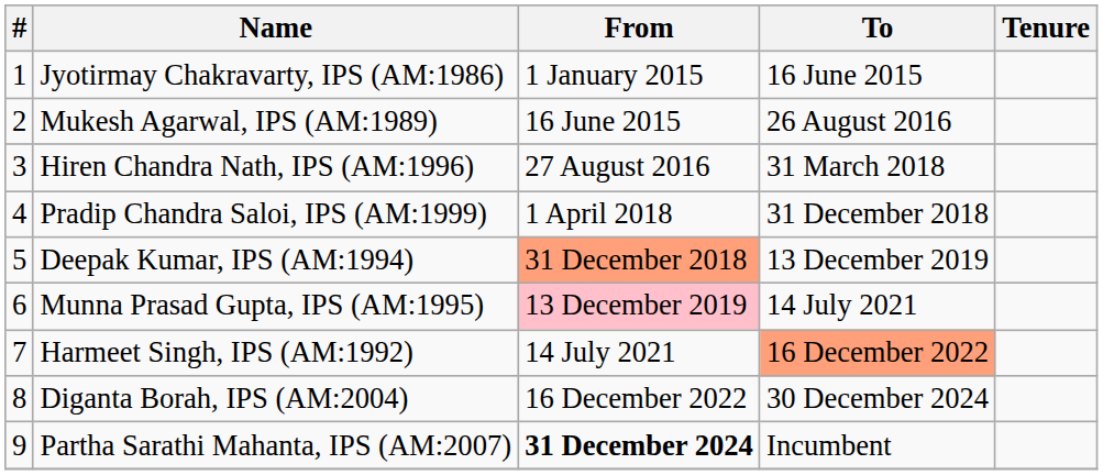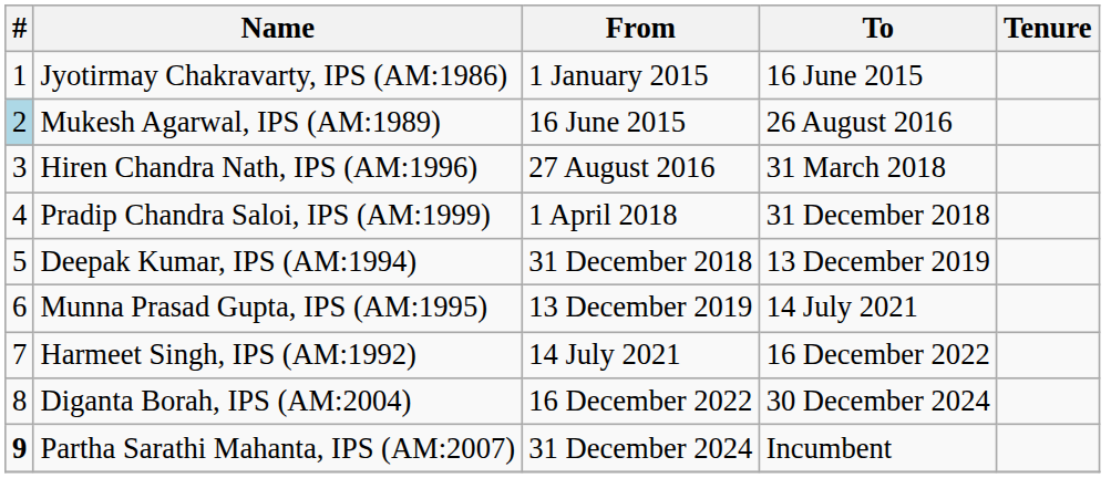 <table class="wikitable">
 <tr>
 <th>#</th>
 <th>Name</th>
 <th>From</th>
 <th>To</th>
 <th>Tenure</th>
 </tr>
 <tr>
 <td>1</td>
 <td>Jyotirmay Chakravarty, IPS (AM:1986)</td>
 <td>1 January 2015</td>
 <td>16 June 2015</td>
 <td></td>
 </tr>
 <tr>
-<td>2</td>
+<td style="background: lightblue;">2</td>
 <td>Mukesh Agarwal, IPS (AM:1989)</td>
 <td>16 June 2015</td>
 <td>26 August 2016</td>
 <td></td>
 </tr>
 <tr>
 <td>3</td>
 <td>Hiren Chandra Nath, IPS (AM:1996)</td>
 <td>27 August 2016</td>
 <td>31 March 2018</td>
 <td></td>
 </tr>
 <tr>
 <td>4</td>
 <td>Pradip Chandra Saloi, IPS (AM:1999)</td>
 <td>1 April 2018</td>
 <td>31 December 2018</td>
 <td></td>
 </tr>
 <tr>
 <td>5</td>
 <td>Deepak Kumar, IPS (AM:1994)</td>
-<td style="background: lightsalmon;">31 December 2018</td>
+<td>31 December 2018</td>
 <td>13 December 2019</td>
 <td></td>
 </tr>
 <tr>
 <td>6</td>
 <td>Munna Prasad Gupta, IPS (AM:1995)</td>
-<td style="background: pink;">13 December 2019</td>
+<td>13 December 2019</td>
 <td>14 July 2021</td>
 <td></td>
 </tr>
 <tr>
 <td>7</td>
 <td>Harmeet Singh, IPS (AM:1992)</td>
 <td>14 July 2021</td>
-<td style="background: lightsalmon;">16 December 2022</td>
+<td>16 December 2022</td>
 <td></td>
 </tr>
 <tr>
 <td>8</td>
 <td>Diganta Borah, IPS (AM:2004)</td>
 <td>16 December 2022</td>
 <td>30 December 2024</td>
 <td></td>
 </tr>
 <tr>
-<td>9</td>
+<td><strong>9</strong></td>
 <td>Partha Sarathi Mahanta, IPS (AM:2007)</td>
-<td><strong>31 December 2024</strong></td>
+<td>31 December 2024</td>
 <td>Incumbent</td>
 <td></td>
 </tr>
 <tr>
 </tr>
 </table>
